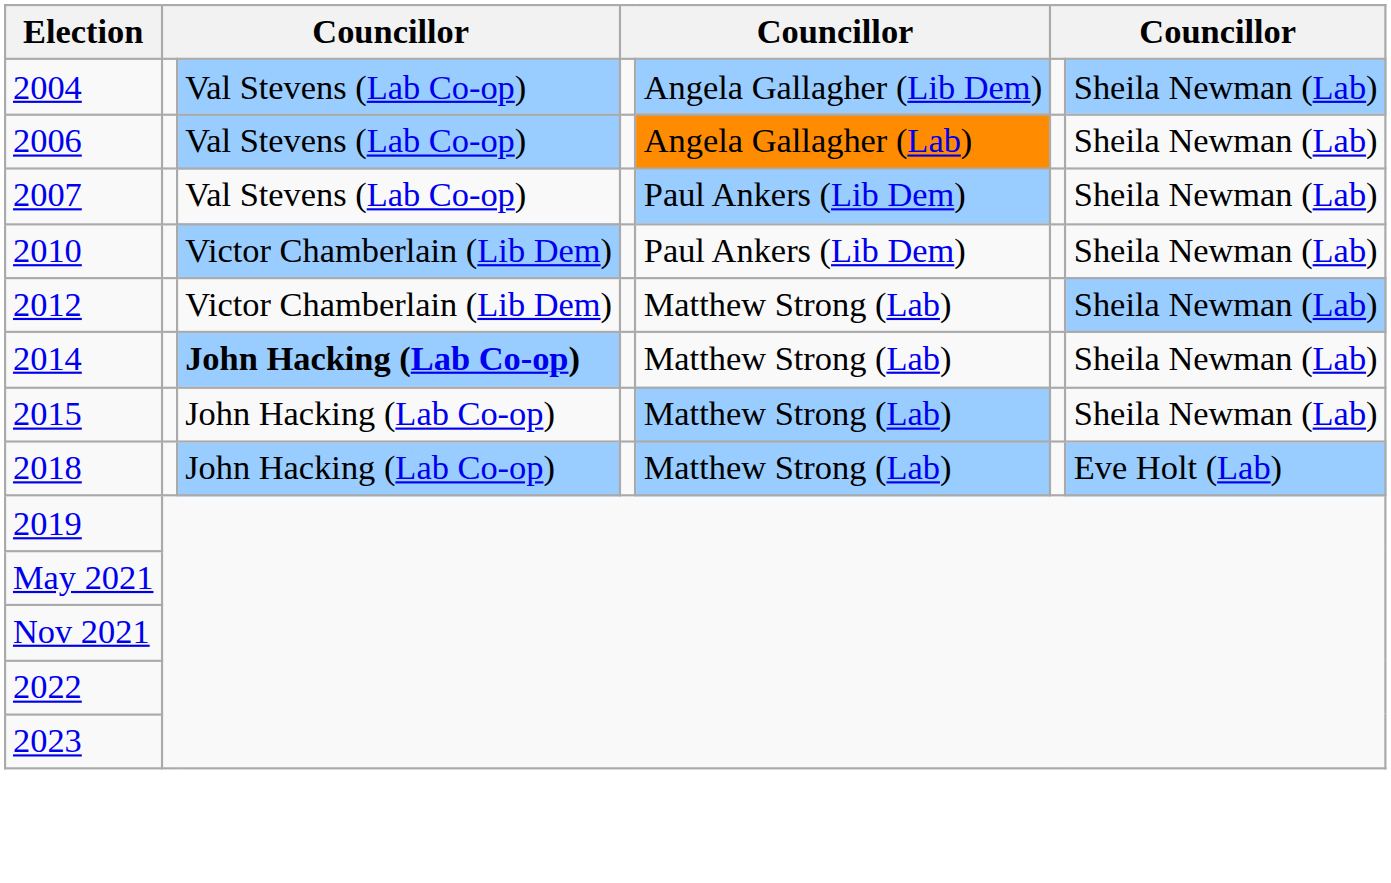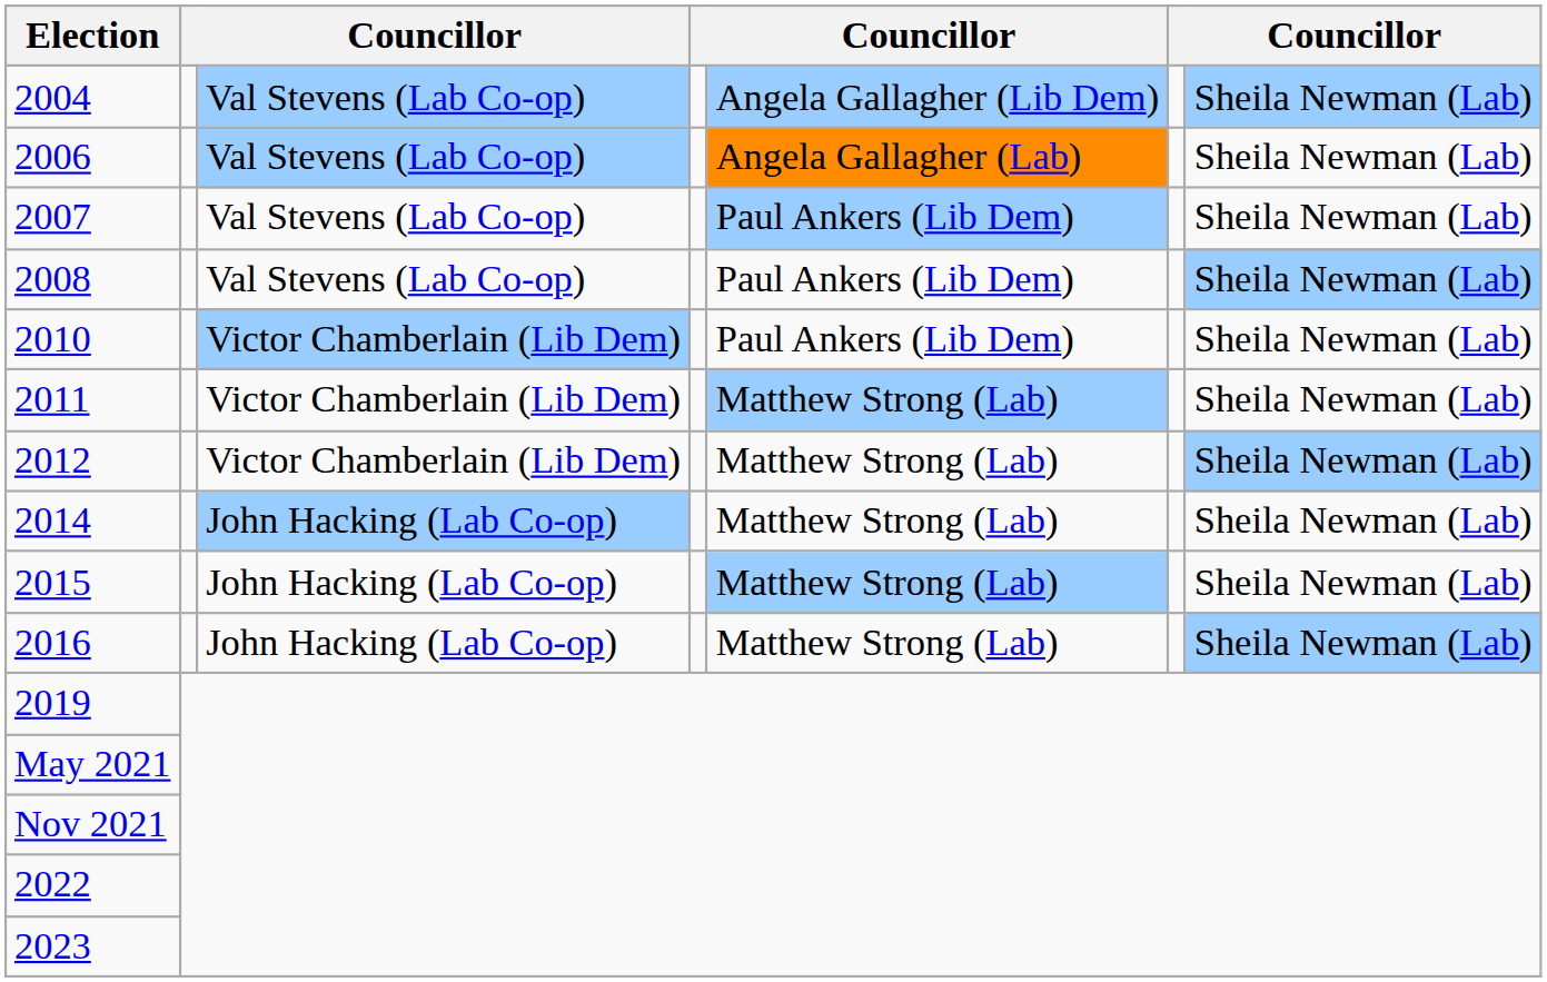 <table class="wikitable">
 <tr>
 <th>Election</th>
 <th colspan="2">Councillor</th>
 <th colspan="2">Councillor</th>
 <th colspan="2">Councillor</th>
 </tr>
 <tr>
 <td><a href='#'>2004</a></td>
 <td style="background-color: "></td>
 <td bgcolor="#99CCFF">Val Stevens (<a href='#'>Lab Co-op</a>)</td>
 <td style="background-color: "></td>
 <td bgcolor="#99CCFF">Angela Gallagher (<a href='#'>Lib Dem</a>)</td>
 <td style="background-color: "></td>
 <td bgcolor="#99CCFF">Sheila Newman (<a href='#'>Lab</a>)</td>
 </tr>
 <tr>
 <td><a href='#'>2006</a></td>
 <td style="background-color: "></td>
 <td bgcolor="#99CCFF">Val Stevens (<a href='#'>Lab Co-op</a>)</td>
 <td style="background-color: "></td>
 <td bgcolor="#FF8C00">Angela Gallagher (<a href='#'>Lab</a>)</td>
 <td style="background-color: "></td>
 <td>Sheila Newman (<a href='#'>Lab</a>)</td>
 </tr>
 <tr>
 <td><a href='#'>2007</a></td>
 <td style="background-color: "></td>
 <td>Val Stevens (<a href='#'>Lab Co-op</a>)</td>
 <td style="background-color: "></td>
 <td bgcolor="#99CCFF">Paul Ankers (<a href='#'>Lib Dem</a>)</td>
 <td style="background-color: "></td>
 <td>Sheila Newman (<a href='#'>Lab</a>)</td>
 </tr>
 <tr>
+<td><a href='#'>2008</a></td>
+<td style="background-color: "></td>
+<td>Val Stevens (<a href='#'>Lab Co-op</a>)</td>
+<td style="background-color: "></td>
+<td>Paul Ankers (<a href='#'>Lib Dem</a>)</td>
+<td style="background-color: "></td>
+<td bgcolor="#99CCFF">Sheila Newman (<a href='#'>Lab</a>)</td>
+</tr>
+<tr>
 <td><a href='#'>2010</a></td>
 <td style="background-color: "></td>
 <td bgcolor="#99CCFF">Victor Chamberlain (<a href='#'>Lib Dem</a>)</td>
 <td style="background-color: "></td>
 <td>Paul Ankers (<a href='#'>Lib Dem</a>)</td>
+<td style="background-color: "></td>
+<td>Sheila Newman (<a href='#'>Lab</a>)</td>
+</tr>
+<tr>
+<td><a href='#'>2011</a></td>
+<td style="background-color: "></td>
+<td>Victor Chamberlain (<a href='#'>Lib Dem</a>)</td>
+<td style="background-color: "></td>
+<td bgcolor="#99CCFF">Matthew Strong (<a href='#'>Lab</a>)</td>
 <td style="background-color: "></td>
 <td>Sheila Newman (<a href='#'>Lab</a>)</td>
 </tr>
 <tr>
 <td><a href='#'>2012</a></td>
 <td style="background-color: "></td>
 <td>Victor Chamberlain (<a href='#'>Lib Dem</a>)</td>
 <td style="background-color: "></td>
 <td>Matthew Strong (<a href='#'>Lab</a>)</td>
 <td style="background-color: "></td>
 <td bgcolor="#99CCFF">Sheila Newman (<a href='#'>Lab</a>)</td>
 </tr>
 <tr>
 <td><a href='#'>2014</a></td>
 <td style="background-color: "></td>
-<td bgcolor="#99CCFF"><strong>John Hacking (<a href='#'>Lab Co-op</a>)</strong></td>
+<td bgcolor="#99CCFF">John Hacking (<a href='#'>Lab Co-op</a>)</td>
 <td style="background-color: "></td>
 <td>Matthew Strong (<a href='#'>Lab</a>)</td>
 <td style="background-color: "></td>
 <td>Sheila Newman (<a href='#'>Lab</a>)</td>
 </tr>
 <tr>
 <td><a href='#'>2015</a></td>
 <td style="background-color: "></td>
 <td>John Hacking (<a href='#'>Lab Co-op</a>)</td>
 <td style="background-color: "></td>
 <td bgcolor="#99CCFF">Matthew Strong (<a href='#'>Lab</a>)</td>
 <td style="background-color: "></td>
 <td>Sheila Newman (<a href='#'>Lab</a>)</td>
 </tr>
 <tr>
-<td><a href='#'>2018</a></td>
+<td><a href='#'>2016</a></td>
 <td style="background-color: "></td>
-<td bgcolor="#99CCFF">John Hacking (<a href='#'>Lab Co-op</a>)</td>
+<td>John Hacking (<a href='#'>Lab Co-op</a>)</td>
 <td style="background-color: "></td>
-<td bgcolor="#99CCFF">Matthew Strong (<a href='#'>Lab</a>)</td>
+<td>Matthew Strong (<a href='#'>Lab</a>)</td>
 <td style="background-color: "></td>
-<td bgcolor="#99CCFF">Eve Holt (<a href='#'>Lab</a>)</td>
+<td bgcolor="#99CCFF">Sheila Newman (<a href='#'>Lab</a>)</td>
 </tr>
 <tr>
 <td><a href='#'>2019</a><br>  </td>
 </tr>
 <tr>
 <td><a href='#'>May 2021</a><br>  </td>
 </tr>
 <tr>
 <td><a href='#'>Nov 2021</a><br>  </td>
 </tr>
 <tr>
 <td><a href='#'>2022</a><br>  </td>
 </tr>
 <tr>
 <td><a href='#'>2023</a><br>  </td>
 </tr>
 </table>
